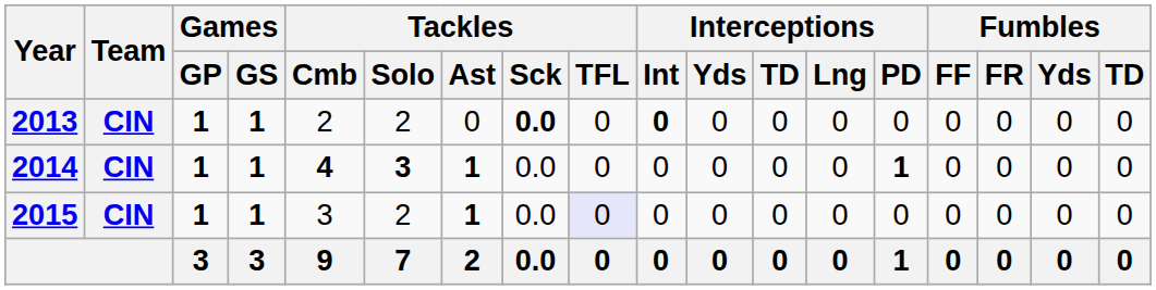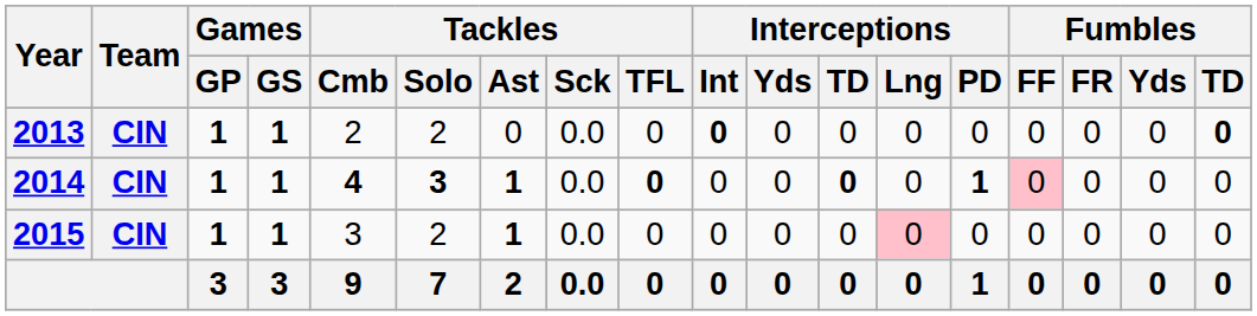 <table class="wikitable" style="text-align:center">
 <tr>
 <th rowspan="2">Year</th>
 <th rowspan="2">Team</th>
 <th colspan="2">Games</th>
 <th colspan="5">Tackles</th>
 <th colspan="5">Interceptions</th>
 <th colspan="4">Fumbles</th>
 </tr>
 <tr>
 <th>GP</th>
 <th>GS</th>
 <th>Cmb</th>
 <th>Solo</th>
 <th>Ast</th>
 <th>Sck</th>
 <th>TFL</th>
 <th>Int</th>
 <th>Yds</th>
 <th>TD</th>
 <th>Lng</th>
 <th>PD</th>
 <th>FF</th>
 <th>FR</th>
 <th>Yds</th>
 <th>TD</th>
 </tr>
 <tr>
 <th><a href='#'>2013</a></th>
 <th><a href='#'>CIN</a></th>
 <td><strong>1</strong></td>
 <td><strong>1</strong></td>
 <td>2</td>
 <td>2</td>
 <td>0</td>
-<td><strong>0.0</strong></td>
+<td>0.0</td>
 <td>0</td>
 <td><strong>0</strong></td>
 <td>0</td>
 <td>0</td>
 <td>0</td>
 <td>0</td>
 <td>0</td>
 <td>0</td>
 <td>0</td>
-<td>0</td>
+<td><strong>0</strong></td>
 </tr>
 <tr>
 <th><a href='#'>2014</a></th>
 <th><a href='#'>CIN</a></th>
 <td><strong>1</strong></td>
 <td><strong>1</strong></td>
 <td><strong>4</strong></td>
 <td><strong>3</strong></td>
 <td><strong>1</strong></td>
 <td>0.0</td>
+<td><strong>0</strong></td>
 <td>0</td>
 <td>0</td>
-<td>0</td>
-<td>0</td>
+<td><strong>0</strong></td>
 <td>0</td>
 <td><strong>1</strong></td>
-<td>0</td>
+<td style="background: pink;">0</td>
 <td>0</td>
 <td>0</td>
 <td>0</td>
 </tr>
 <tr>
 <th><a href='#'>2015</a></th>
 <th><a href='#'>CIN</a></th>
 <td><strong>1</strong></td>
 <td><strong>1</strong></td>
 <td>3</td>
 <td>2</td>
 <td><strong>1</strong></td>
 <td>0.0</td>
-<td style="background: lavender;">0</td>
 <td>0</td>
 <td>0</td>
 <td>0</td>
 <td>0</td>
+<td style="background: pink;">0</td>
 <td>0</td>
 <td>0</td>
 <td>0</td>
 <td>0</td>
 <td>0</td>
 </tr>
 <tr>
 <th colspan="2"></th>
 <th>3</th>
 <th>3</th>
 <th>9</th>
 <th>7</th>
 <th>2</th>
 <th>0.0</th>
 <th>0</th>
 <th>0</th>
 <th>0</th>
 <th>0</th>
 <th>0</th>
 <th>1</th>
 <th>0</th>
 <th>0</th>
 <th>0</th>
 <th>0</th>
 </tr>
 </table>
